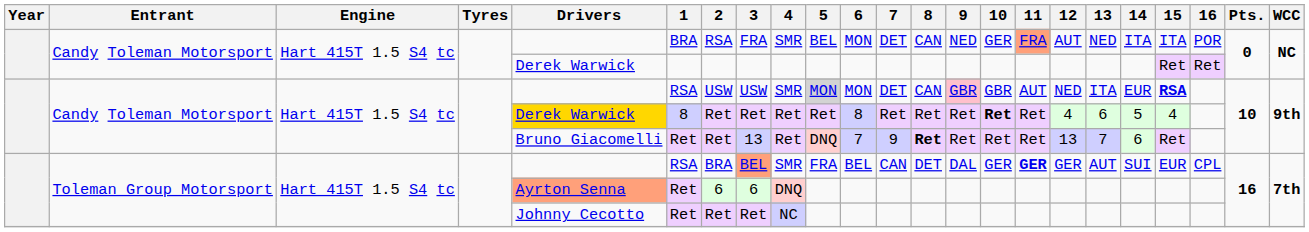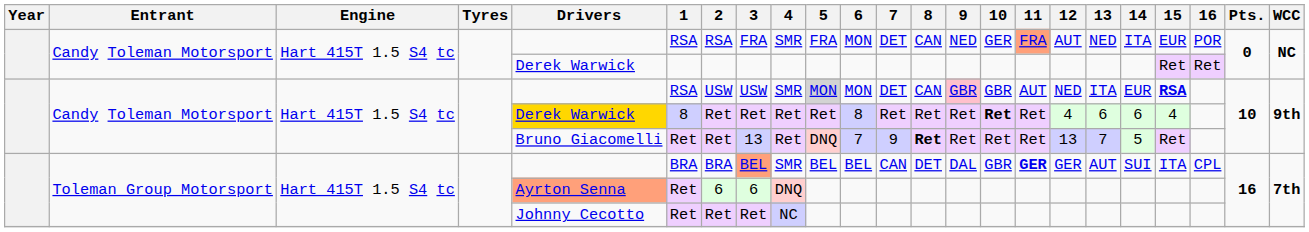 <table class="wikitable" style="text-align:center; font-size:95%">
 <tr>
 <th>Year</th>
 <th>Entrant</th>
 <th>Engine</th>
 <th>Tyres</th>
 <th>Drivers</th>
 <th>1</th>
 <th>2</th>
 <th>3</th>
 <th>4</th>
 <th>5</th>
 <th>6</th>
 <th>7</th>
 <th>8</th>
 <th>9</th>
 <th>10</th>
 <th>11</th>
 <th>12</th>
 <th>13</th>
 <th>14</th>
 <th>15</th>
 <th>16</th>
 <th>Pts.</th>
 <th>WCC</th>
 </tr>
 <tr>
 <th rowspan="2"></th>
 <td rowspan="2"><a href='#'>Candy</a> <a href='#'>Toleman Motorsport</a></td>
 <td rowspan="2"><a href='#'>Hart 415T</a> 1.5 <a href='#'>S4</a> <a href='#'>tc</a></td>
 <td rowspan="2"></td>
 <td></td>
-<td><a href='#'>BRA</a></td>
+<td><a href='#'>RSA</a></td>
 <td><a href='#'>RSA</a></td>
 <td><a href='#'>FRA</a></td>
 <td><a href='#'>SMR</a></td>
-<td><a href='#'>BEL</a></td>
+<td><a href='#'>FRA</a></td>
 <td><a href='#'>MON</a></td>
 <td><a href='#'>DET</a></td>
 <td><a href='#'>CAN</a></td>
 <td><a href='#'>NED</a></td>
 <td><a href='#'>GER</a></td>
 <td style="background: lightsalmon;"><a href='#'>FRA</a></td>
 <td><a href='#'>AUT</a></td>
 <td><a href='#'>NED</a></td>
 <td><a href='#'>ITA</a></td>
-<td><a href='#'>ITA</a></td>
+<td><a href='#'>EUR</a></td>
 <td><a href='#'>POR</a></td>
 <td rowspan="2"><strong>0</strong></td>
 <td rowspan="2"><strong>NC</strong></td>
 </tr>
 <tr>
 <td align="left"><a href='#'>Derek Warwick</a></td>
 <td></td>
 <td></td>
 <td></td>
 <td></td>
 <td></td>
 <td></td>
 <td></td>
 <td></td>
 <td></td>
 <td></td>
 <td></td>
 <td></td>
 <td></td>
 <td></td>
 <td style="background:#efcfff;">Ret</td>
 <td style="background:#efcfff;">Ret</td>
 </tr>
 <tr>
 <th rowspan="3"></th>
 <td rowspan="3"><a href='#'>Candy</a> <a href='#'>Toleman Motorsport</a></td>
 <td rowspan="3"><a href='#'>Hart 415T</a> 1.5 <a href='#'>S4</a> <a href='#'>tc</a></td>
 <td rowspan="3"></td>
 <td></td>
 <td><a href='#'>RSA</a></td>
 <td><a href='#'>USW</a></td>
 <td><a href='#'>USW</a></td>
 <td><a href='#'>SMR</a></td>
 <td style="background: lightgrey;"><a href='#'>MON</a></td>
 <td><a href='#'>MON</a></td>
 <td><a href='#'>DET</a></td>
 <td><a href='#'>CAN</a></td>
 <td style="background: pink;"><a href='#'>GBR</a></td>
 <td><a href='#'>GBR</a></td>
 <td><a href='#'>AUT</a></td>
 <td><a href='#'>NED</a></td>
 <td><a href='#'>ITA</a></td>
 <td><a href='#'>EUR</a></td>
 <td><strong><a href='#'>RSA</a></strong></td>
 <td></td>
 <td rowspan="3"><strong>10</strong></td>
 <td rowspan="3"><strong>9th</strong></td>
 </tr>
 <tr>
 <td align="left" style="background: gold;"><a href='#'>Derek Warwick</a></td>
 <td style="background:#cfcfff;">8</td>
 <td style="background:#efcfff;">Ret</td>
 <td style="background:#efcfff;">Ret</td>
 <td style="background:#efcfff;">Ret</td>
 <td style="background:#efcfff;">Ret</td>
 <td style="background:#cfcfff;">8</td>
 <td style="background:#efcfff;">Ret</td>
 <td style="background:#efcfff;">Ret</td>
 <td style="background:#efcfff;">Ret</td>
 <td style="background:#efcfff;"><strong>Ret</strong></td>
 <td style="background:#efcfff;">Ret</td>
 <td style="background:#dfffdf;">4</td>
 <td style="background:#dfffdf;">6</td>
-<td style="background:#dfffdf;">5</td>
+<td style="background:#dfffdf;">6</td>
 <td style="background:#dfffdf;">4</td>
 <td></td>
 </tr>
 <tr>
 <td align="left"><a href='#'>Bruno Giacomelli</a></td>
 <td style="background:#efcfff;">Ret</td>
 <td style="background:#efcfff;">Ret</td>
 <td style="background:#cfcfff;">13</td>
 <td style="background:#efcfff;">Ret</td>
 <td style="background:#ffcfcf;">DNQ</td>
 <td style="background:#cfcfff;">7</td>
 <td style="background:#cfcfff;">9</td>
 <td style="background:#efcfff;"><strong>Ret</strong></td>
 <td style="background:#efcfff;">Ret</td>
 <td style="background:#efcfff;">Ret</td>
 <td style="background:#efcfff;">Ret</td>
 <td style="background:#cfcfff;">13</td>
 <td style="background:#cfcfff;">7</td>
-<td style="background:#dfffdf;">6</td>
+<td style="background:#dfffdf;">5</td>
 <td style="background:#efcfff;">Ret</td>
 <td></td>
 </tr>
 <tr>
 <th rowspan="3"></th>
 <td rowspan="3"><a href='#'>Toleman Group Motorsport</a></td>
 <td rowspan="3"><a href='#'>Hart 415T</a> 1.5 <a href='#'>S4</a> <a href='#'>tc</a></td>
 <td rowspan="3"></td>
 <td></td>
-<td><a href='#'>RSA</a></td>
+<td><a href='#'>BRA</a></td>
 <td><a href='#'>BRA</a></td>
 <td style="background: lightsalmon;"><a href='#'>BEL</a></td>
 <td><a href='#'>SMR</a></td>
-<td><a href='#'>FRA</a></td>
+<td><a href='#'>BEL</a></td>
 <td><a href='#'>BEL</a></td>
 <td><a href='#'>CAN</a></td>
 <td><a href='#'>DET</a></td>
 <td><a href='#'>DAL</a></td>
-<td><a href='#'>GER</a></td>
+<td><a href='#'>GBR</a></td>
 <td><strong><a href='#'>GER</a></strong></td>
 <td><a href='#'>GER</a></td>
 <td><a href='#'>AUT</a></td>
 <td><a href='#'>SUI</a></td>
-<td><a href='#'>EUR</a></td>
+<td><a href='#'>ITA</a></td>
 <td><a href='#'>CPL</a></td>
 <td rowspan="3"><strong>16</strong></td>
 <td rowspan="3"><strong>7th</strong></td>
 </tr>
 <tr>
 <td align="left" style="background: lightsalmon;"><a href='#'>Ayrton Senna</a></td>
 <td style="background:#efcfff;">Ret</td>
 <td style="background:#dfffdf;">6</td>
 <td style="background:#dfffdf;">6</td>
 <td style="background:#ffcfcf;">DNQ</td>
 <td></td>
 <td></td>
 <td></td>
 <td></td>
 <td></td>
 <td></td>
 <td></td>
 <td></td>
 <td></td>
 <td></td>
 <td></td>
 <td></td>
 </tr>
 <tr>
 <td align="left"><a href='#'>Johnny Cecotto</a></td>
 <td style="background:#efcfff;">Ret</td>
 <td style="background:#efcfff;">Ret</td>
 <td style="background:#efcfff;">Ret</td>
 <td style="background:#cfcfff;">NC</td>
 <td></td>
 <td></td>
 <td></td>
 <td></td>
 <td></td>
 <td></td>
 <td></td>
 <td></td>
 <td></td>
 <td></td>
 <td></td>
 <td></td>
 </tr>
 <tr>
 </tr>
 </table>
